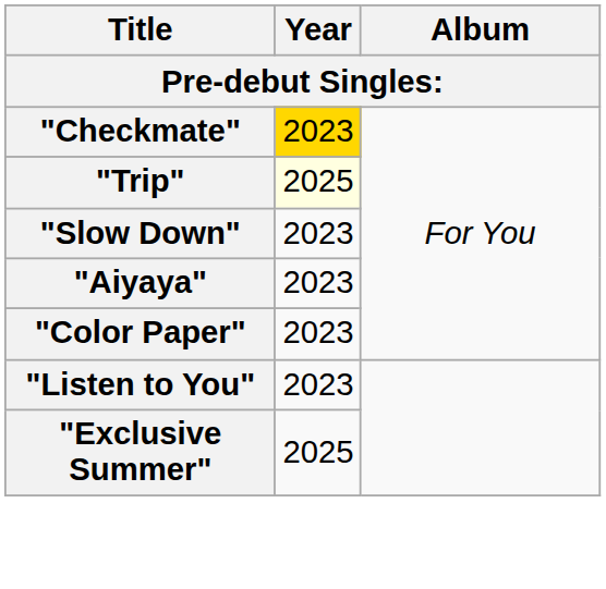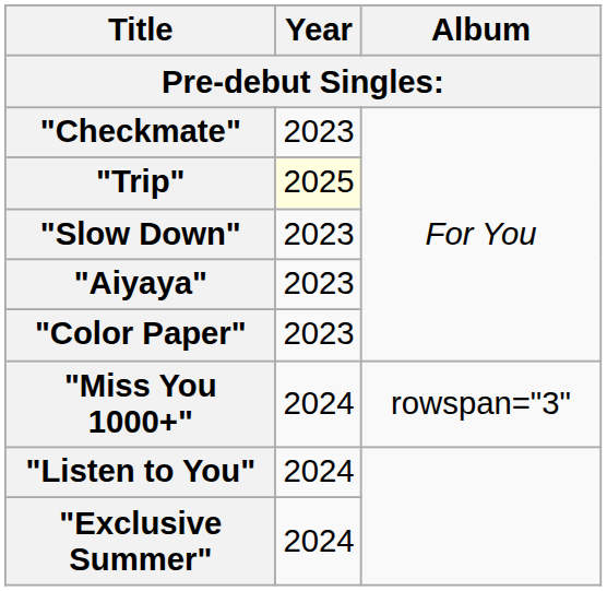 <table class="wikitable plainrowheaders" style="text-align:center">
 <tr>
 <th rowspan="1" style="width:8em">Title</th>
 <th rowspan="1" style="width:2em">Year</th>
 <th rowspan="1" style="width:7em">Album</th>
 </tr>
 <tr>
 <th scope="row" colspan="3" style="text-align:center"><strong>Pre-debut Singles:</strong></th>
 </tr>
 <tr>
 <th scope="row">"Checkmate"</th>
-<td style="background: gold;">2023</td>
+<td>2023</td>
 <td rowspan="5"><em>For You</em></td>
 </tr>
 <tr>
 <th scope="row">"Trip"</th>
 <td style="background: lightyellow;">2025</td>
 </tr>
 <tr>
 <th scope="row">"Slow Down"</th>
 <td>2023</td>
 </tr>
 <tr>
 <th scope="row">"Aiyaya"</th>
 <td>2023</td>
 </tr>
 <tr>
 <th scope="row">"Color Paper"</th>
 <td>2023</td>
 </tr>
 <tr>
+<th scope="row">"Miss You 1000+"</th>
+<td>2024</td>
+<td>rowspan="3" </td>
+</tr>
+<tr>
 <th scope="row">"Listen to You"</th>
-<td>2023</td>
+<td>2024</td>
 </tr>
 <tr>
 <th scope="row">"Exclusive Summer"</th>
-<td>2025</td>
+<td>2024</td>
 </tr>
 </table>
